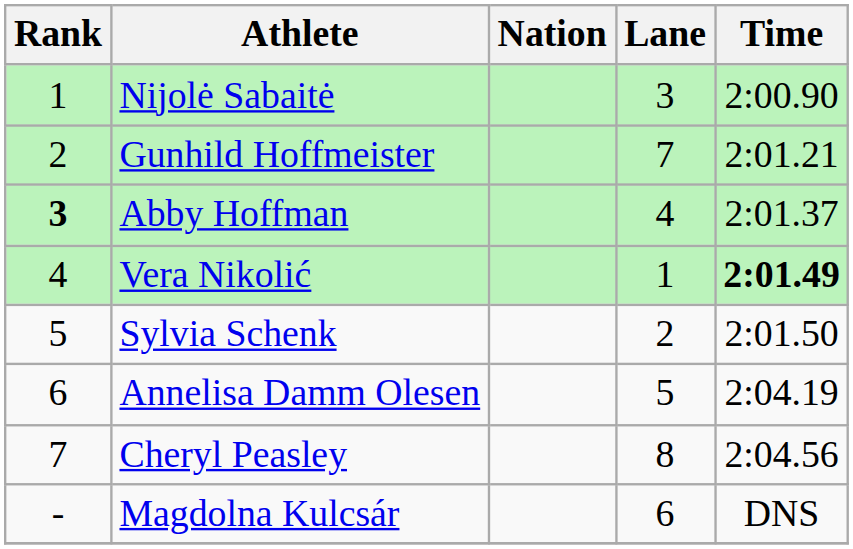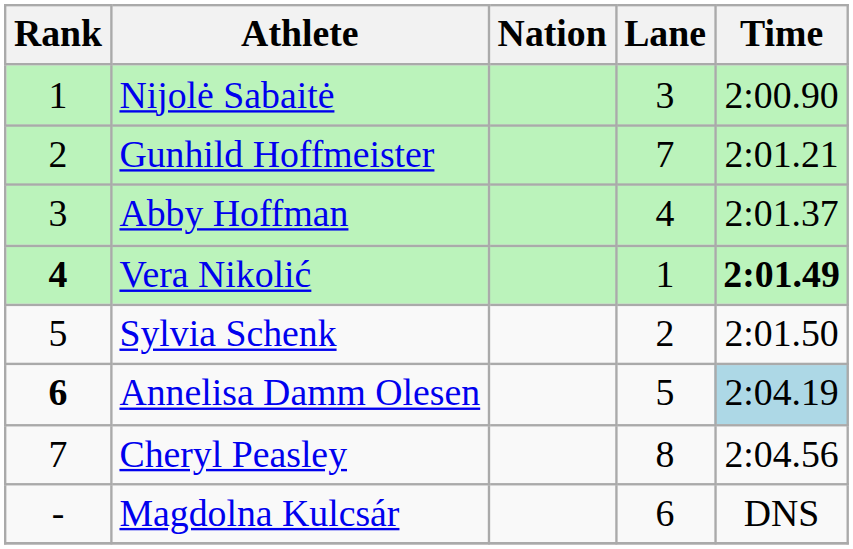 <table class="wikitable sortable" style="text-align:center">
 <tr>
 <th>Rank</th>
 <th>Athlete</th>
 <th>Nation</th>
 <th>Lane</th>
 <th>Time</th>
 </tr>
 <tr bgcolor=bbf3bb>
 <td>1</td>
 <td align=left><a href='#'>Nijolė Sabaitė</a></td>
 <td align=left></td>
 <td>3</td>
 <td>2:00.90</td>
 </tr>
 <tr bgcolor=bbf3bb>
 <td>2</td>
 <td align=left><a href='#'>Gunhild Hoffmeister</a></td>
 <td align=left></td>
 <td>7</td>
 <td>2:01.21</td>
 </tr>
 <tr bgcolor=bbf3bb>
-<td><strong>3</strong></td>
+<td>3</td>
 <td align=left><a href='#'>Abby Hoffman</a></td>
 <td align=left></td>
 <td>4</td>
 <td>2:01.37</td>
 </tr>
 <tr bgcolor=bbf3bb>
-<td>4</td>
+<td><strong>4</strong></td>
 <td align=left><a href='#'>Vera Nikolić</a></td>
 <td align=left></td>
 <td>1</td>
 <td><strong>2:01.49</strong></td>
 </tr>
 <tr>
 <td>5</td>
 <td align=left><a href='#'>Sylvia Schenk</a></td>
 <td align=left></td>
 <td>2</td>
 <td>2:01.50</td>
 </tr>
 <tr>
-<td>6</td>
+<td><strong>6</strong></td>
 <td align=left><a href='#'>Annelisa Damm Olesen</a></td>
 <td align=left></td>
 <td>5</td>
-<td>2:04.19</td>
+<td style="background: lightblue;">2:04.19</td>
 </tr>
 <tr>
 <td>7</td>
 <td align=left><a href='#'>Cheryl Peasley</a></td>
 <td align=left></td>
 <td>8</td>
 <td>2:04.56</td>
 </tr>
 <tr>
 <td>-</td>
 <td align=left><a href='#'>Magdolna Kulcsár</a></td>
 <td align=left></td>
 <td>6</td>
 <td>DNS</td>
 </tr>
 <tr>
 </tr>
 </table>
